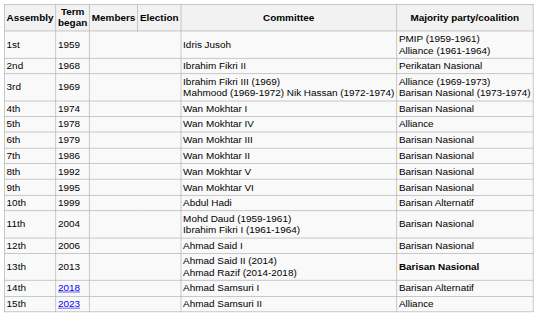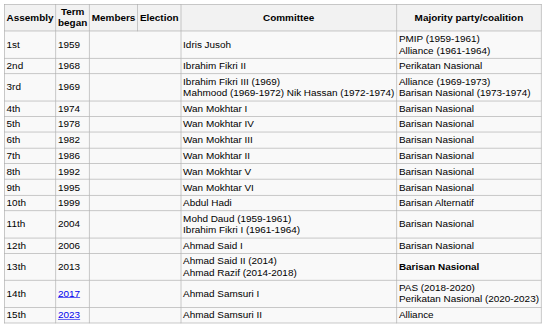 <table class="wikitable">
 <tr>
 <th>Assembly</th>
 <th>Term<br>began</th>
 <th>Members</th>
 <th>Election</th>
 <th>Committee</th>
 <th>Majority party/coalition</th>
 </tr>
 <tr>
 <td>1st</td>
 <td>1959</td>
 <td colspan="2"></td>
 <td>Idris Jusoh</td>
 <td>PMIP (1959-1961)<br>Alliance (1961-1964)</td>
 </tr>
 <tr>
 <td>2nd</td>
 <td>1968</td>
 <td colspan="2"></td>
 <td>Ibrahim Fikri II</td>
 <td>Perikatan Nasional</td>
 </tr>
 <tr>
 <td>3rd</td>
 <td>1969</td>
 <td colspan="2"></td>
 <td>Ibrahim Fikri III (1969)<br>Mahmood (1969-1972) Nik Hassan (1972-1974)</td>
 <td>Alliance (1969-1973)<br>Barisan Nasional (1973-1974)</td>
 </tr>
 <tr>
 <td>4th</td>
 <td>1974</td>
 <td colspan="2"></td>
 <td>Wan Mokhtar I</td>
 <td>Barisan Nasional</td>
 </tr>
 <tr>
 <td>5th</td>
 <td>1978</td>
 <td colspan="2"></td>
 <td>Wan Mokhtar IV</td>
-<td>Alliance</td>
+<td>Barisan Nasional</td>
 </tr>
 <tr>
 <td>6th</td>
-<td>1979</td>
+<td>1982</td>
 <td colspan="2"></td>
 <td>Wan Mokhtar III</td>
 <td>Barisan Nasional</td>
 </tr>
 <tr>
 <td>7th</td>
 <td>1986</td>
 <td colspan="2"></td>
 <td>Wan Mokhtar II</td>
 <td>Barisan Nasional</td>
 </tr>
 <tr>
 <td>8th</td>
 <td>1992</td>
 <td colspan="2"></td>
 <td>Wan Mokhtar V</td>
 <td>Barisan Nasional</td>
 </tr>
 <tr>
 <td>9th</td>
 <td>1995</td>
 <td colspan="2"></td>
 <td>Wan Mokhtar VI</td>
 <td>Barisan Nasional</td>
 </tr>
 <tr>
 <td>10th</td>
 <td>1999</td>
 <td colspan="2"></td>
 <td>Abdul Hadi</td>
 <td>Barisan Alternatif</td>
 </tr>
 <tr>
 <td>11th</td>
 <td>2004</td>
 <td colspan="2"></td>
 <td>Mohd Daud (1959-1961)<br>Ibrahim Fikri I (1961-1964)</td>
 <td>Barisan Nasional</td>
 </tr>
 <tr>
 <td>12th</td>
 <td>2006</td>
 <td colspan="2"></td>
 <td>Ahmad Said I</td>
 <td>Barisan Nasional</td>
 </tr>
 <tr>
 <td>13th</td>
 <td>2013</td>
 <td colspan="2"></td>
 <td>Ahmad Said II (2014)<br>Ahmad Razif (2014-2018)</td>
 <td><strong>Barisan Nasional</strong></td>
 </tr>
 <tr>
 <td>14th</td>
-<td><a href='#'>2018</a></td>
+<td><a href='#'>2017</a></td>
 <td colspan="2"></td>
 <td>Ahmad Samsuri I</td>
-<td>Barisan Alternatif</td>
+<td>PAS (2018-2020)<br>Perikatan Nasional (2020-2023)</td>
 </tr>
 <tr>
 <td>15th</td>
 <td><a href='#'>2023</a></td>
 <td colspan="2"></td>
 <td>Ahmad Samsuri II</td>
 <td>Alliance</td>
 </tr>
 </table>
